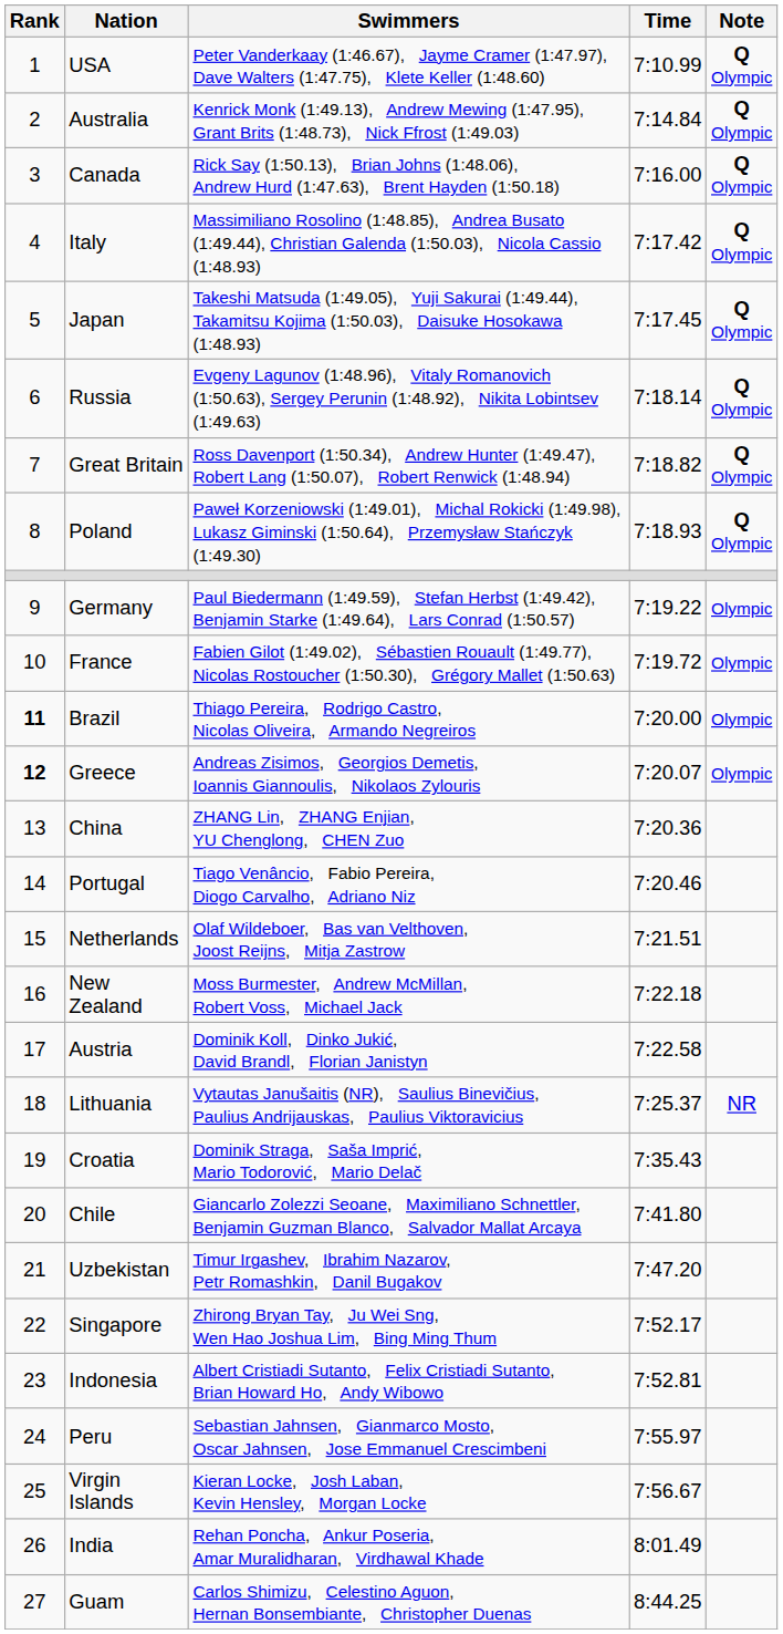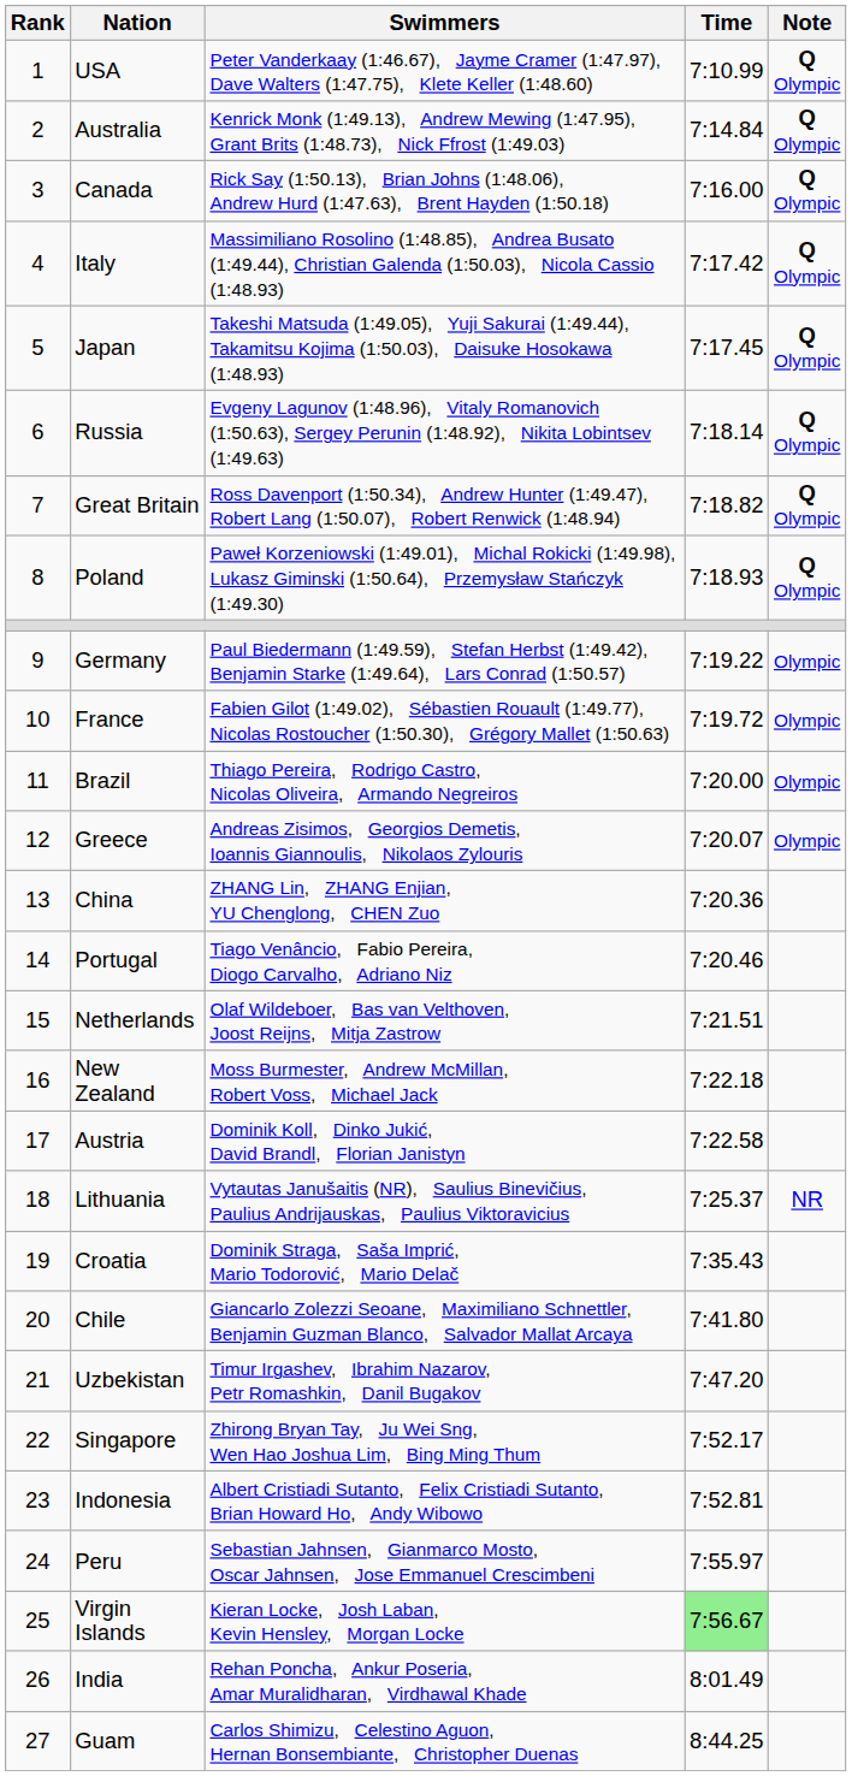 <table class="wikitable" style="text-align:center">
 <tr>
 <th>Rank</th>
 <th>Nation</th>
 <th>Swimmers</th>
 <th>Time</th>
 <th>Note</th>
 </tr>
 <tr>
 <td>1</td>
 <td align=left> USA</td>
 <td align=left><small><a href='#'>Peter Vanderkaay</a> (1:46.67),   <a href='#'>Jayme Cramer</a> (1:47.97),<br> <a href='#'>Dave Walters</a> (1:47.75),   <a href='#'>Klete Keller</a> (1:48.60) </small></td>
 <td>7:10.99</td>
 <td><strong>Q</strong> <br><small><a href='#'>Olympic</a></small></td>
 </tr>
 <tr>
 <td>2</td>
 <td align=left> Australia</td>
 <td align=left><small><a href='#'>Kenrick Monk</a> (1:49.13),   <a href='#'>Andrew Mewing</a> (1:47.95),<br> <a href='#'>Grant Brits</a> (1:48.73),   <a href='#'>Nick Ffrost</a> (1:49.03) </small></td>
 <td>7:14.84</td>
 <td><strong>Q</strong> <br><small><a href='#'>Olympic</a></small></td>
 </tr>
 <tr>
 <td>3</td>
 <td align=left> Canada</td>
 <td align=left><small><a href='#'>Rick Say</a> (1:50.13),   <a href='#'>Brian Johns</a> (1:48.06),<br> <a href='#'>Andrew Hurd</a> (1:47.63),   <a href='#'>Brent Hayden</a> (1:50.18) </small></td>
 <td>7:16.00</td>
 <td><strong>Q</strong> <br><small><a href='#'>Olympic</a></small></td>
 </tr>
 <tr>
 <td>4</td>
 <td align=left> Italy</td>
 <td align=left><small><a href='#'>Massimiliano Rosolino</a> (1:48.85),   <a href='#'>Andrea Busato</a> (1:49.44), <a href='#'>Christian Galenda</a> (1:50.03),   <a href='#'>Nicola Cassio</a> (1:48.93) </small></td>
 <td>7:17.42</td>
 <td><strong>Q</strong> <br><small><a href='#'>Olympic</a></small></td>
 </tr>
 <tr>
 <td>5</td>
 <td align=left> Japan</td>
 <td align=left><small><a href='#'>Takeshi Matsuda</a> (1:49.05),   <a href='#'>Yuji Sakurai</a> (1:49.44),<br> <a href='#'>Takamitsu Kojima</a> (1:50.03),   <a href='#'>Daisuke Hosokawa</a> (1:48.93) </small></td>
 <td>7:17.45</td>
 <td><strong>Q</strong> <br><small><a href='#'>Olympic</a></small></td>
 </tr>
 <tr>
 <td>6</td>
 <td align=left> Russia</td>
 <td align=left><small><a href='#'>Evgeny Lagunov</a> (1:48.96),   <a href='#'>Vitaly Romanovich</a> (1:50.63), <a href='#'>Sergey Perunin</a> (1:48.92),   <a href='#'>Nikita Lobintsev</a> (1:49.63) </small></td>
 <td>7:18.14</td>
 <td><strong>Q</strong> <br><small><a href='#'>Olympic</a></small></td>
 </tr>
 <tr>
 <td>7</td>
 <td align=left> Great Britain</td>
 <td align=left><small><a href='#'>Ross Davenport</a> (1:50.34),   <a href='#'>Andrew Hunter</a> (1:49.47),<br> <a href='#'>Robert Lang</a> (1:50.07),   <a href='#'>Robert Renwick</a> (1:48.94)</small></td>
 <td>7:18.82</td>
 <td><strong>Q</strong> <br><small><a href='#'>Olympic</a></small></td>
 </tr>
 <tr>
 <td>8</td>
 <td align=left> Poland</td>
 <td align=left><small><a href='#'>Paweł Korzeniowski</a> (1:49.01),   <a href='#'>Michal Rokicki</a> (1:49.98), <a href='#'>Lukasz Giminski</a> (1:50.64),   <a href='#'>Przemysław Stańczyk</a> (1:49.30) </small></td>
 <td>7:18.93</td>
 <td><strong>Q</strong> <br><small><a href='#'>Olympic</a></small></td>
 </tr>
 <tr bgcolor=#DDDDDD>
 <td colspan=5></td>
 </tr>
 <tr>
 <td>9</td>
 <td align=left> Germany</td>
 <td align=left><small><a href='#'>Paul Biedermann</a> (1:49.59),   <a href='#'>Stefan Herbst</a> (1:49.42),<br> <a href='#'>Benjamin Starke</a> (1:49.64),   <a href='#'>Lars Conrad</a> (1:50.57) </small></td>
 <td>7:19.22</td>
 <td><small><a href='#'>Olympic</a></small></td>
 </tr>
 <tr>
 <td>10</td>
 <td align=left> France</td>
 <td align=left><small><a href='#'>Fabien Gilot</a> (1:49.02),   <a href='#'>Sébastien Rouault</a> (1:49.77),<br> <a href='#'>Nicolas Rostoucher</a> (1:50.30),   <a href='#'>Grégory Mallet</a> (1:50.63) </small></td>
 <td>7:19.72</td>
 <td><small><a href='#'>Olympic</a></small></td>
 </tr>
 <tr>
-<td><strong>11</strong></td>
+<td>11</td>
 <td align=left> Brazil</td>
 <td align=left><small><a href='#'>Thiago Pereira</a>,   <a href='#'>Rodrigo Castro</a>,<br> <a href='#'>Nicolas Oliveira</a>,   <a href='#'>Armando Negreiros</a> </small></td>
 <td>7:20.00</td>
 <td><small><a href='#'>Olympic</a></small></td>
 </tr>
 <tr>
-<td><strong>12</strong></td>
+<td>12</td>
 <td align=left> Greece</td>
 <td align=left><small><a href='#'>Andreas Zisimos</a>,   <a href='#'>Georgios Demetis</a>,<br> <a href='#'>Ioannis Giannoulis</a>,   <a href='#'>Nikolaos Zylouris</a> </small></td>
 <td>7:20.07</td>
 <td><small><a href='#'>Olympic</a></small></td>
 </tr>
 <tr>
 <td>13</td>
 <td align=left> China</td>
 <td align=left><small><a href='#'>ZHANG Lin</a>,   <a href='#'>ZHANG Enjian</a>,<br> <a href='#'>YU Chenglong</a>,   <a href='#'>CHEN Zuo</a> </small></td>
 <td>7:20.36</td>
 <td></td>
 </tr>
 <tr>
 <td>14</td>
 <td align=left> Portugal</td>
 <td align=left><small><a href='#'>Tiago Venâncio</a>,   Fabio Pereira,<br> <a href='#'>Diogo Carvalho</a>,   <a href='#'>Adriano Niz</a> </small></td>
 <td>7:20.46</td>
 <td></td>
 </tr>
 <tr>
 <td>15</td>
 <td align=left> Netherlands</td>
 <td align=left><small><a href='#'>Olaf Wildeboer</a>,   <a href='#'>Bas van Velthoven</a>,<br> <a href='#'>Joost Reijns</a>,   <a href='#'>Mitja Zastrow</a> </small></td>
 <td>7:21.51</td>
 <td></td>
 </tr>
 <tr>
 <td>16</td>
 <td align=left> New Zealand</td>
 <td align=left><small><a href='#'>Moss Burmester</a>,   <a href='#'>Andrew McMillan</a>,<br> <a href='#'>Robert Voss</a>,   <a href='#'>Michael Jack</a> </small></td>
 <td>7:22.18</td>
 <td></td>
 </tr>
 <tr>
 <td>17</td>
 <td align=left> Austria</td>
 <td align=left><small><a href='#'>Dominik Koll</a>,   <a href='#'>Dinko Jukić</a>,<br> <a href='#'>David Brandl</a>,   <a href='#'>Florian Janistyn</a> </small></td>
 <td>7:22.58</td>
 <td></td>
 </tr>
 <tr>
 <td>18</td>
 <td align=left> Lithuania</td>
 <td align=left><small><a href='#'>Vytautas Janušaitis</a> (<a href='#'>NR</a>),   <a href='#'>Saulius Binevičius</a>,<br> <a href='#'>Paulius Andrijauskas</a>,   <a href='#'>Paulius Viktoravicius</a> </small></td>
 <td>7:25.37</td>
 <td><a href='#'>NR</a></td>
 </tr>
 <tr>
 <td>19</td>
 <td align=left> Croatia</td>
 <td align=left><small><a href='#'>Dominik Straga</a>,   <a href='#'>Saša Imprić</a>,<br> <a href='#'>Mario Todorović</a>,   <a href='#'>Mario Delač</a> </small></td>
 <td>7:35.43</td>
 <td></td>
 </tr>
 <tr>
 <td>20</td>
 <td align=left> Chile</td>
 <td align=left><small><a href='#'>Giancarlo Zolezzi Seoane</a>,   <a href='#'>Maximiliano Schnettler</a>,<br> <a href='#'>Benjamin Guzman Blanco</a>,   <a href='#'>Salvador Mallat Arcaya</a> </small></td>
 <td>7:41.80</td>
 <td></td>
 </tr>
 <tr>
 <td>21</td>
 <td align=left> Uzbekistan</td>
 <td align=left><small><a href='#'>Timur Irgashev</a>,   <a href='#'>Ibrahim Nazarov</a>,<br> <a href='#'>Petr Romashkin</a>,   <a href='#'>Danil Bugakov</a> </small></td>
 <td>7:47.20</td>
 <td></td>
 </tr>
 <tr>
 <td>22</td>
 <td align=left> Singapore</td>
 <td align=left><small><a href='#'>Zhirong Bryan Tay</a>,   <a href='#'>Ju Wei Sng</a>,<br> <a href='#'>Wen Hao Joshua Lim</a>,   <a href='#'>Bing Ming Thum</a> </small></td>
 <td>7:52.17</td>
 <td></td>
 </tr>
 <tr>
 <td>23</td>
 <td align=left> Indonesia</td>
 <td align=left><small><a href='#'>Albert Cristiadi Sutanto</a>,   <a href='#'>Felix Cristiadi Sutanto</a>,<br> <a href='#'>Brian Howard Ho</a>,   <a href='#'>Andy Wibowo</a> </small></td>
 <td>7:52.81</td>
 <td></td>
 </tr>
 <tr>
 <td>24</td>
 <td align=left> Peru</td>
 <td align=left><small><a href='#'>Sebastian Jahnsen</a>,   <a href='#'>Gianmarco Mosto</a>,<br> <a href='#'>Oscar Jahnsen</a>,   <a href='#'>Jose Emmanuel Crescimbeni</a> </small></td>
 <td>7:55.97</td>
 <td></td>
 </tr>
 <tr>
 <td>25</td>
 <td align=left> Virgin Islands</td>
 <td align=left><small><a href='#'>Kieran Locke</a>,   <a href='#'>Josh Laban</a>,<br> <a href='#'>Kevin Hensley</a>,   <a href='#'>Morgan Locke</a> </small></td>
-<td>7:56.67</td>
+<td style="background: lightgreen;">7:56.67</td>
 <td></td>
 </tr>
 <tr>
 <td>26</td>
 <td align=left> India</td>
 <td align=left><small><a href='#'>Rehan Poncha</a>,   <a href='#'>Ankur Poseria</a>,<br> <a href='#'>Amar Muralidharan</a>,   <a href='#'>Virdhawal Khade</a> </small></td>
 <td>8:01.49</td>
 <td></td>
 </tr>
 <tr>
 <td>27</td>
 <td align=left> Guam</td>
 <td align=left><small><a href='#'>Carlos Shimizu</a>,   <a href='#'>Celestino Aguon</a>,<br> <a href='#'>Hernan Bonsembiante</a>,   <a href='#'>Christopher Duenas</a> </small></td>
 <td>8:44.25</td>
 <td></td>
 </tr>
 <tr>
 </tr>
 </table>
